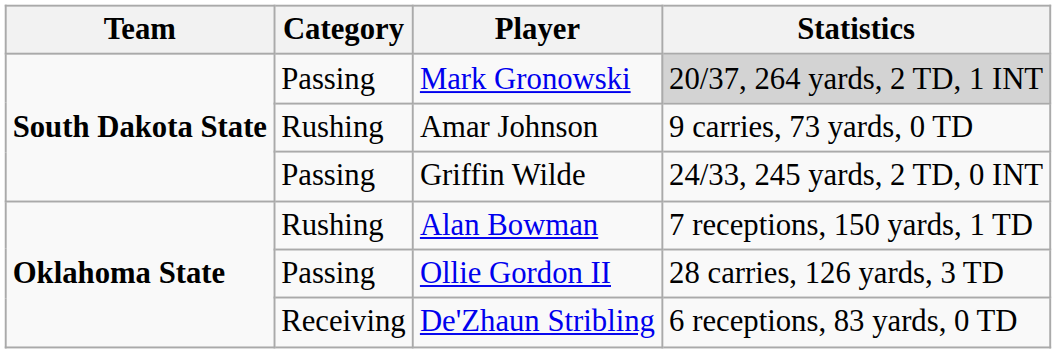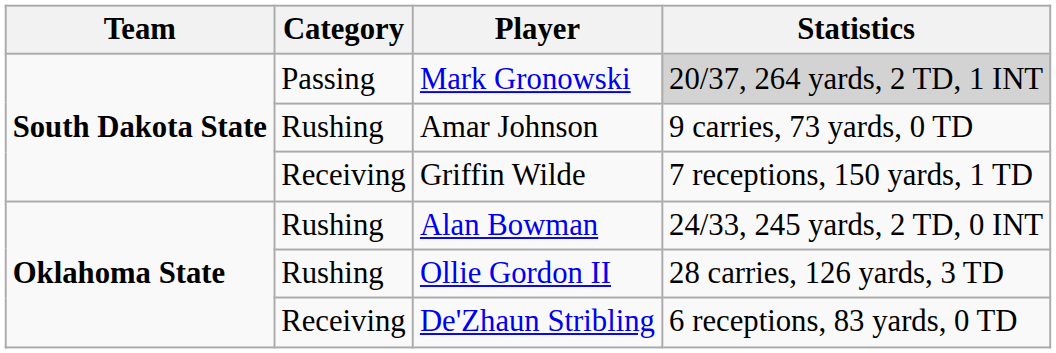 <table class="wikitable" style="float: right;">
 <tr>
 <th>Team</th>
 <th>Category</th>
 <th>Player</th>
 <th>Statistics</th>
 </tr>
 <tr>
 <td rowspan=3><strong>South Dakota State</strong></td>
 <td>Passing</td>
 <td><a href='#'>Mark Gronowski</a></td>
 <td style="background: lightgrey;">20/37, 264 yards, 2 TD, 1 INT</td>
 </tr>
 <tr>
 <td>Rushing</td>
 <td>Amar Johnson</td>
 <td>9 carries, 73 yards, 0 TD</td>
 </tr>
 <tr>
-<td>Passing</td>
+<td>Receiving</td>
 <td>Griffin Wilde</td>
-<td>24/33, 245 yards, 2 TD, 0 INT</td>
+<td>7 receptions, 150 yards, 1 TD</td>
 </tr>
 <tr>
 <td rowspan=3><strong>Oklahoma State</strong></td>
 <td>Rushing</td>
 <td><a href='#'>Alan Bowman</a></td>
-<td>7 receptions, 150 yards, 1 TD</td>
+<td>24/33, 245 yards, 2 TD, 0 INT</td>
 </tr>
 <tr>
-<td>Passing</td>
+<td>Rushing</td>
 <td><a href='#'>Ollie Gordon II</a></td>
 <td>28 carries, 126 yards, 3 TD</td>
 </tr>
 <tr>
 <td>Receiving</td>
 <td><a href='#'>De'Zhaun Stribling</a></td>
 <td>6 receptions, 83 yards, 0 TD</td>
 </tr>
 </table>
